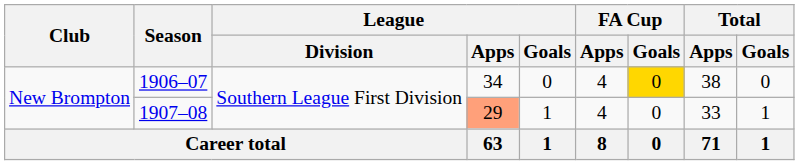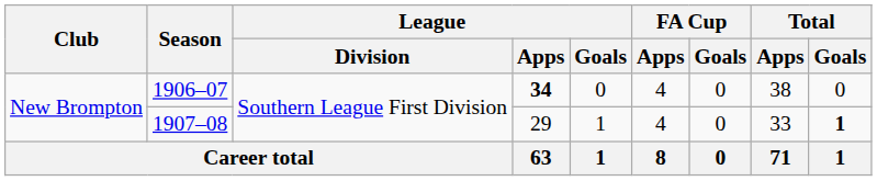 <table class="wikitable" style="text-align: center;">
 <tr>
 <th rowspan="2">Club</th>
 <th rowspan="2">Season</th>
 <th colspan="3">League</th>
 <th colspan="2">FA Cup</th>
 <th colspan="2">Total</th>
 </tr>
 <tr>
 <th>Division</th>
 <th>Apps</th>
 <th>Goals</th>
 <th>Apps</th>
 <th>Goals</th>
 <th>Apps</th>
 <th>Goals</th>
 </tr>
 <tr>
 <td rowspan="2"><a href='#'>New Brompton</a></td>
 <td><a href='#'>1906–07</a></td>
 <td rowspan="2"><a href='#'>Southern League</a> First Division</td>
-<td>34</td>
+<td><strong>34</strong></td>
 <td>0</td>
 <td>4</td>
-<td style="background: gold;">0</td>
+<td>0</td>
 <td>38</td>
 <td>0</td>
 </tr>
 <tr>
 <td><a href='#'>1907–08</a></td>
-<td style="background: lightsalmon;">29</td>
+<td>29</td>
 <td>1</td>
 <td>4</td>
 <td>0</td>
 <td>33</td>
-<td>1</td>
+<td><strong>1</strong></td>
 </tr>
 <tr>
 <th colspan="3">Career total</th>
 <th>63</th>
 <th>1</th>
 <th>8</th>
 <th>0</th>
 <th>71</th>
 <th>1</th>
 </tr>
 </table>
